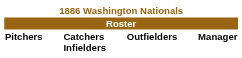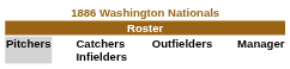 <table class="toccolours" style="font-size: 95%;">
 <tr>
 <th colspan="10" style="background-color: white; color: #996515; text-align: center;">1886 Washington Nationals</th>
 </tr>
 <tr>
 <td colspan="10" style="background-color: #996515; color: white; text-align: center;"><strong>Roster</strong></td>
 </tr>
 <tr>
-<td valign="top"><strong>Pitchers</strong><br>           </td>
+<td valign="top" style="background: lightgrey;"><strong>Pitchers</strong><br>           </td>
 <td width="25px"></td>
 <td valign="top"><strong>Catchers</strong><br>       <strong>Infielders</strong>          </td>
 <td width="25px"></td>
 <td valign="top"><strong>Outfielders</strong><br>       </td>
 <td width="25px"></td>
 <td valign="top"><strong>Manager</strong><br> </td>
 </tr>
 </table>
